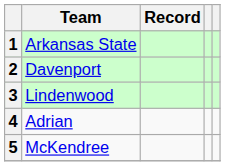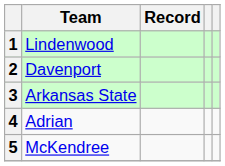 <table class="wikitable sortable collapsible plainrowheaders" style="font-size:90%;">
 <tr>
 <th scope=col></th>
 <th scope=col>Team</th>
 <th scope=col>Record</th>
 <th scope=col></th>
 <th scope=col></th>
 </tr>
 <tr bgcolor=ccffcc>
 <th align=center>1</th>
-<td> <a href='#'>Arkansas State</a></td>
+<td> <a href='#'>Lindenwood</a></td>
 <td align=center></td>
 <td align=center></td>
 <td align=center></td>
 </tr>
 <tr bgcolor=ccffcc>
 <th align=center>2</th>
 <td> <a href='#'>Davenport</a></td>
 <td align=center></td>
 <td align=center></td>
 <td align=center></td>
 </tr>
 <tr bgcolor=ccffcc>
 <th align=center>3</th>
-<td> <a href='#'>Lindenwood</a></td>
+<td> <a href='#'>Arkansas State</a></td>
 <td align=center></td>
 <td align=center></td>
 <td align=center></td>
 </tr>
 <tr>
 <th align=center>4</th>
 <td> <a href='#'>Adrian</a></td>
 <td align=center></td>
 <td align=center></td>
 <td align=center></td>
 </tr>
 <tr>
 <th align=center>5</th>
 <td> <a href='#'>McKendree</a></td>
 <td align=center></td>
 <td align=center></td>
 <td align=center></td>
 </tr>
 <tr>
 </tr>
 </table>
